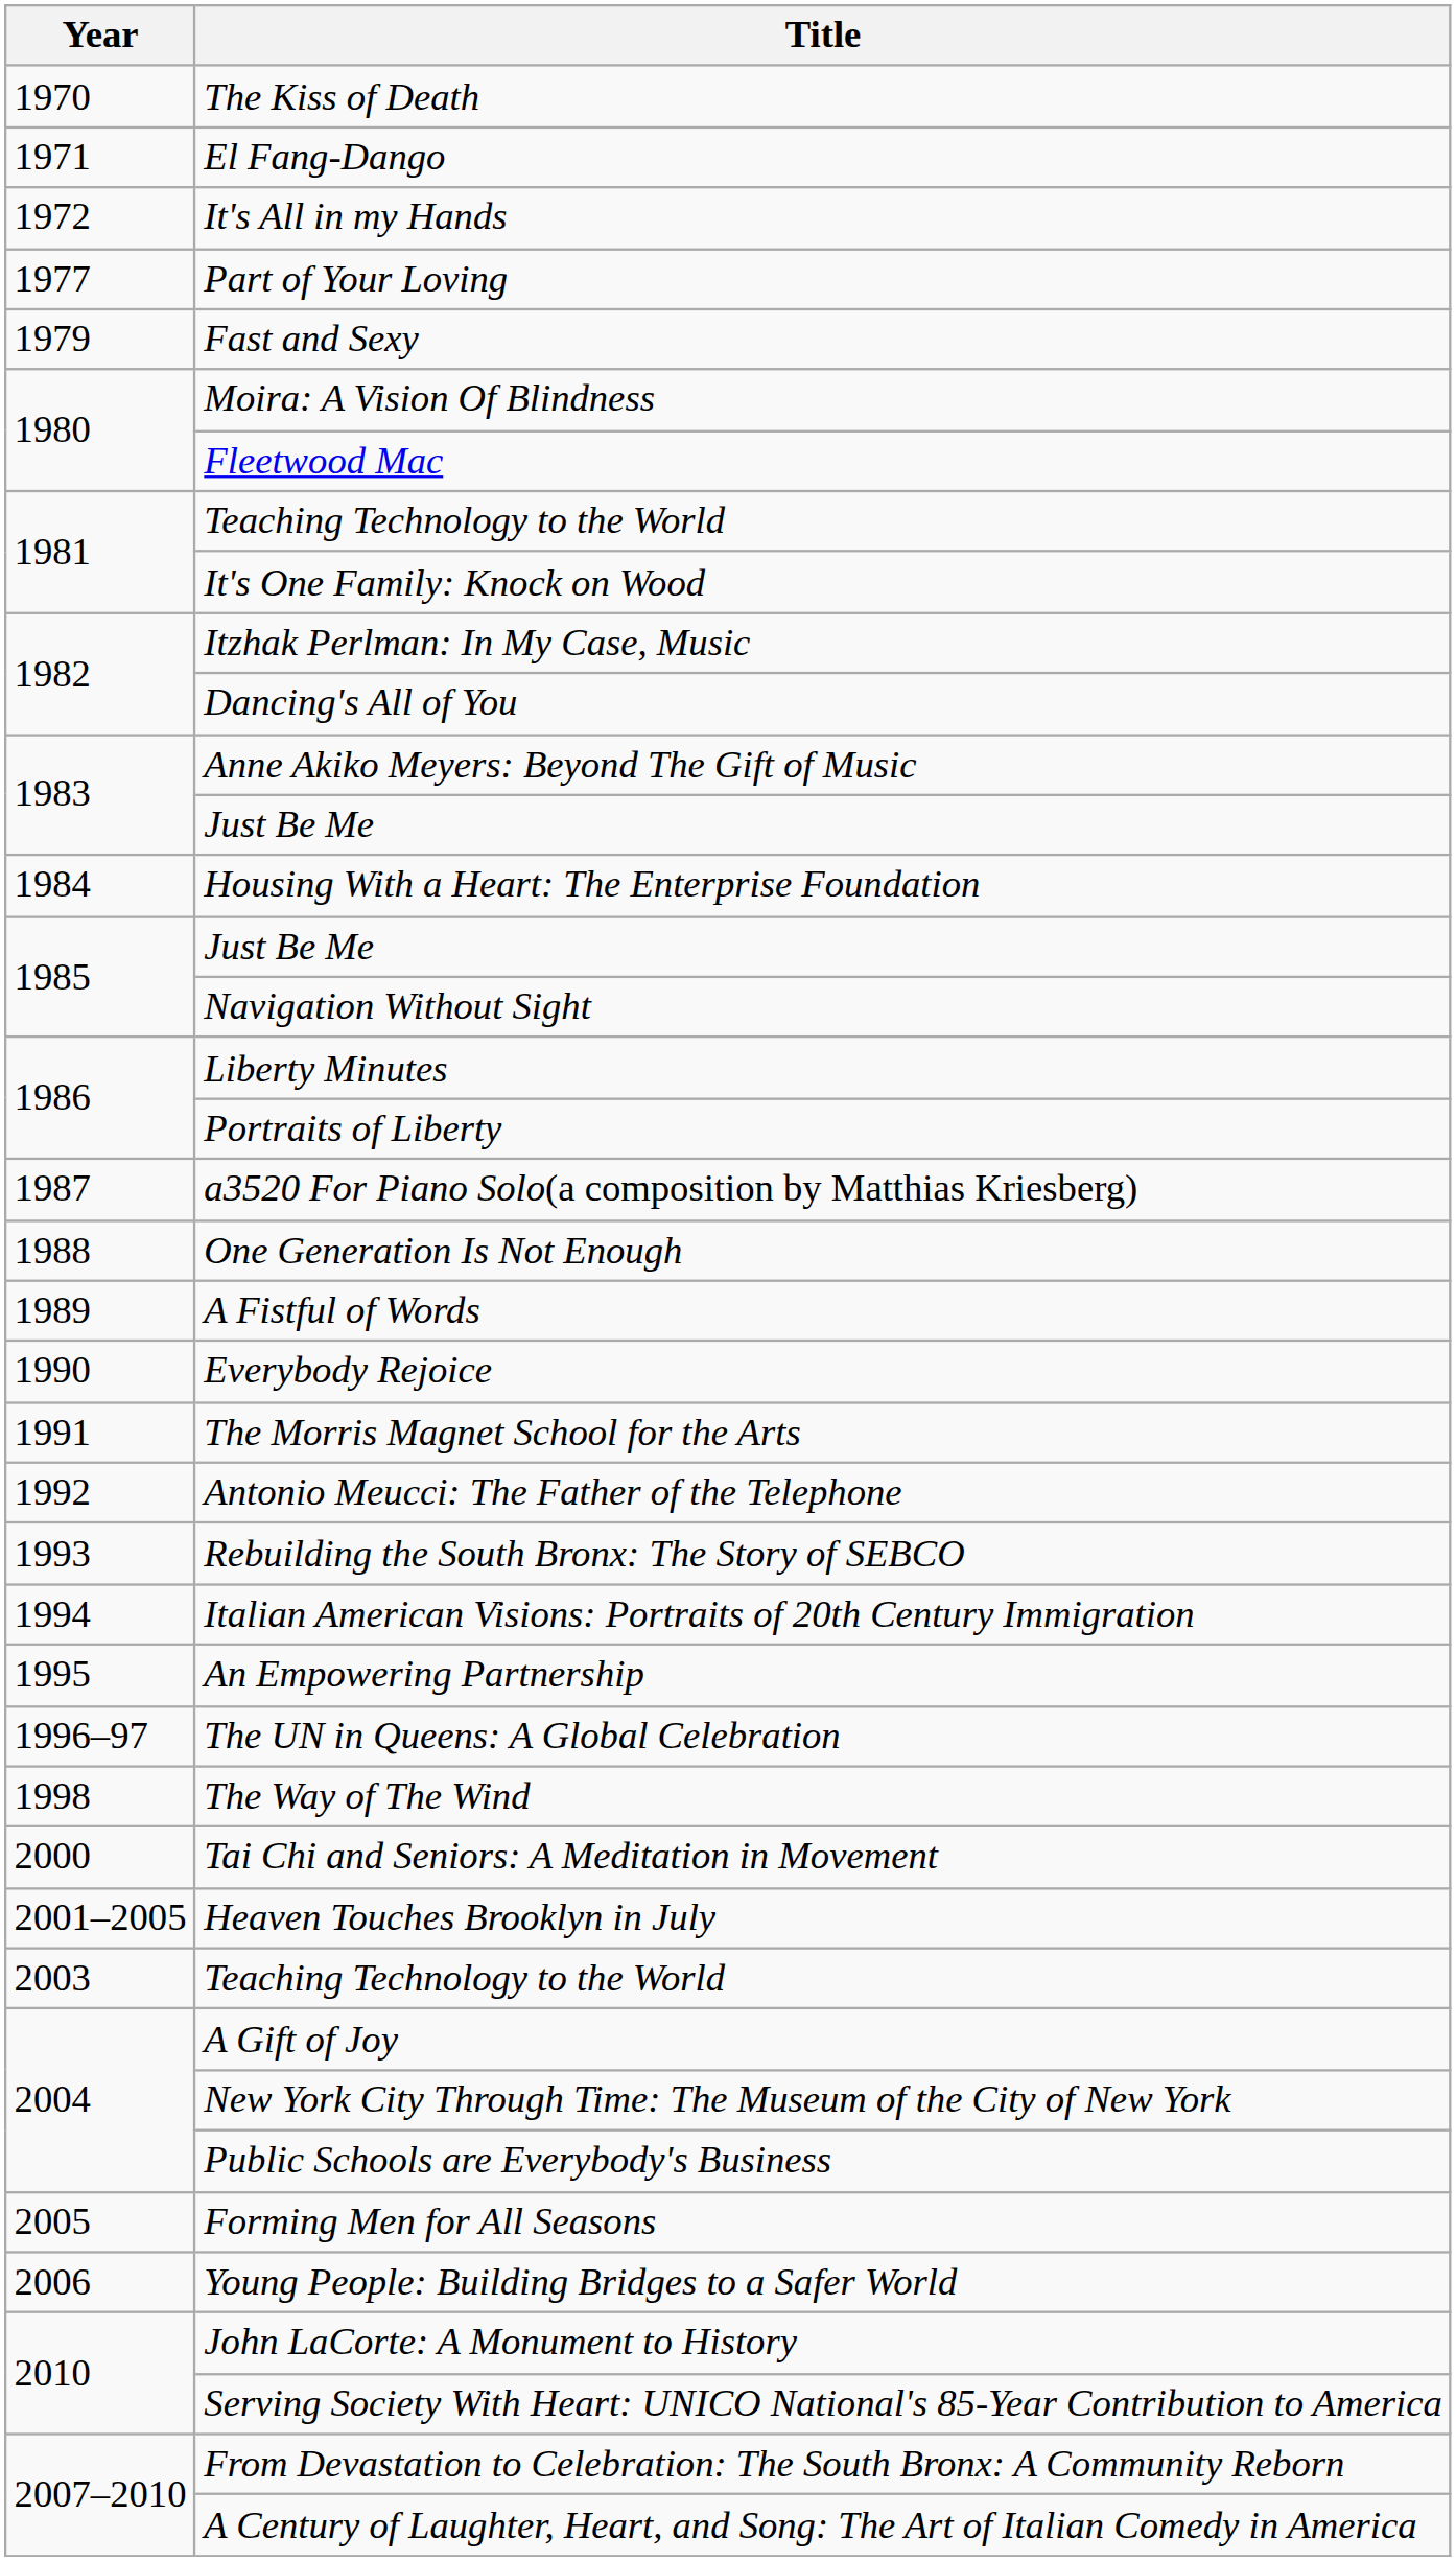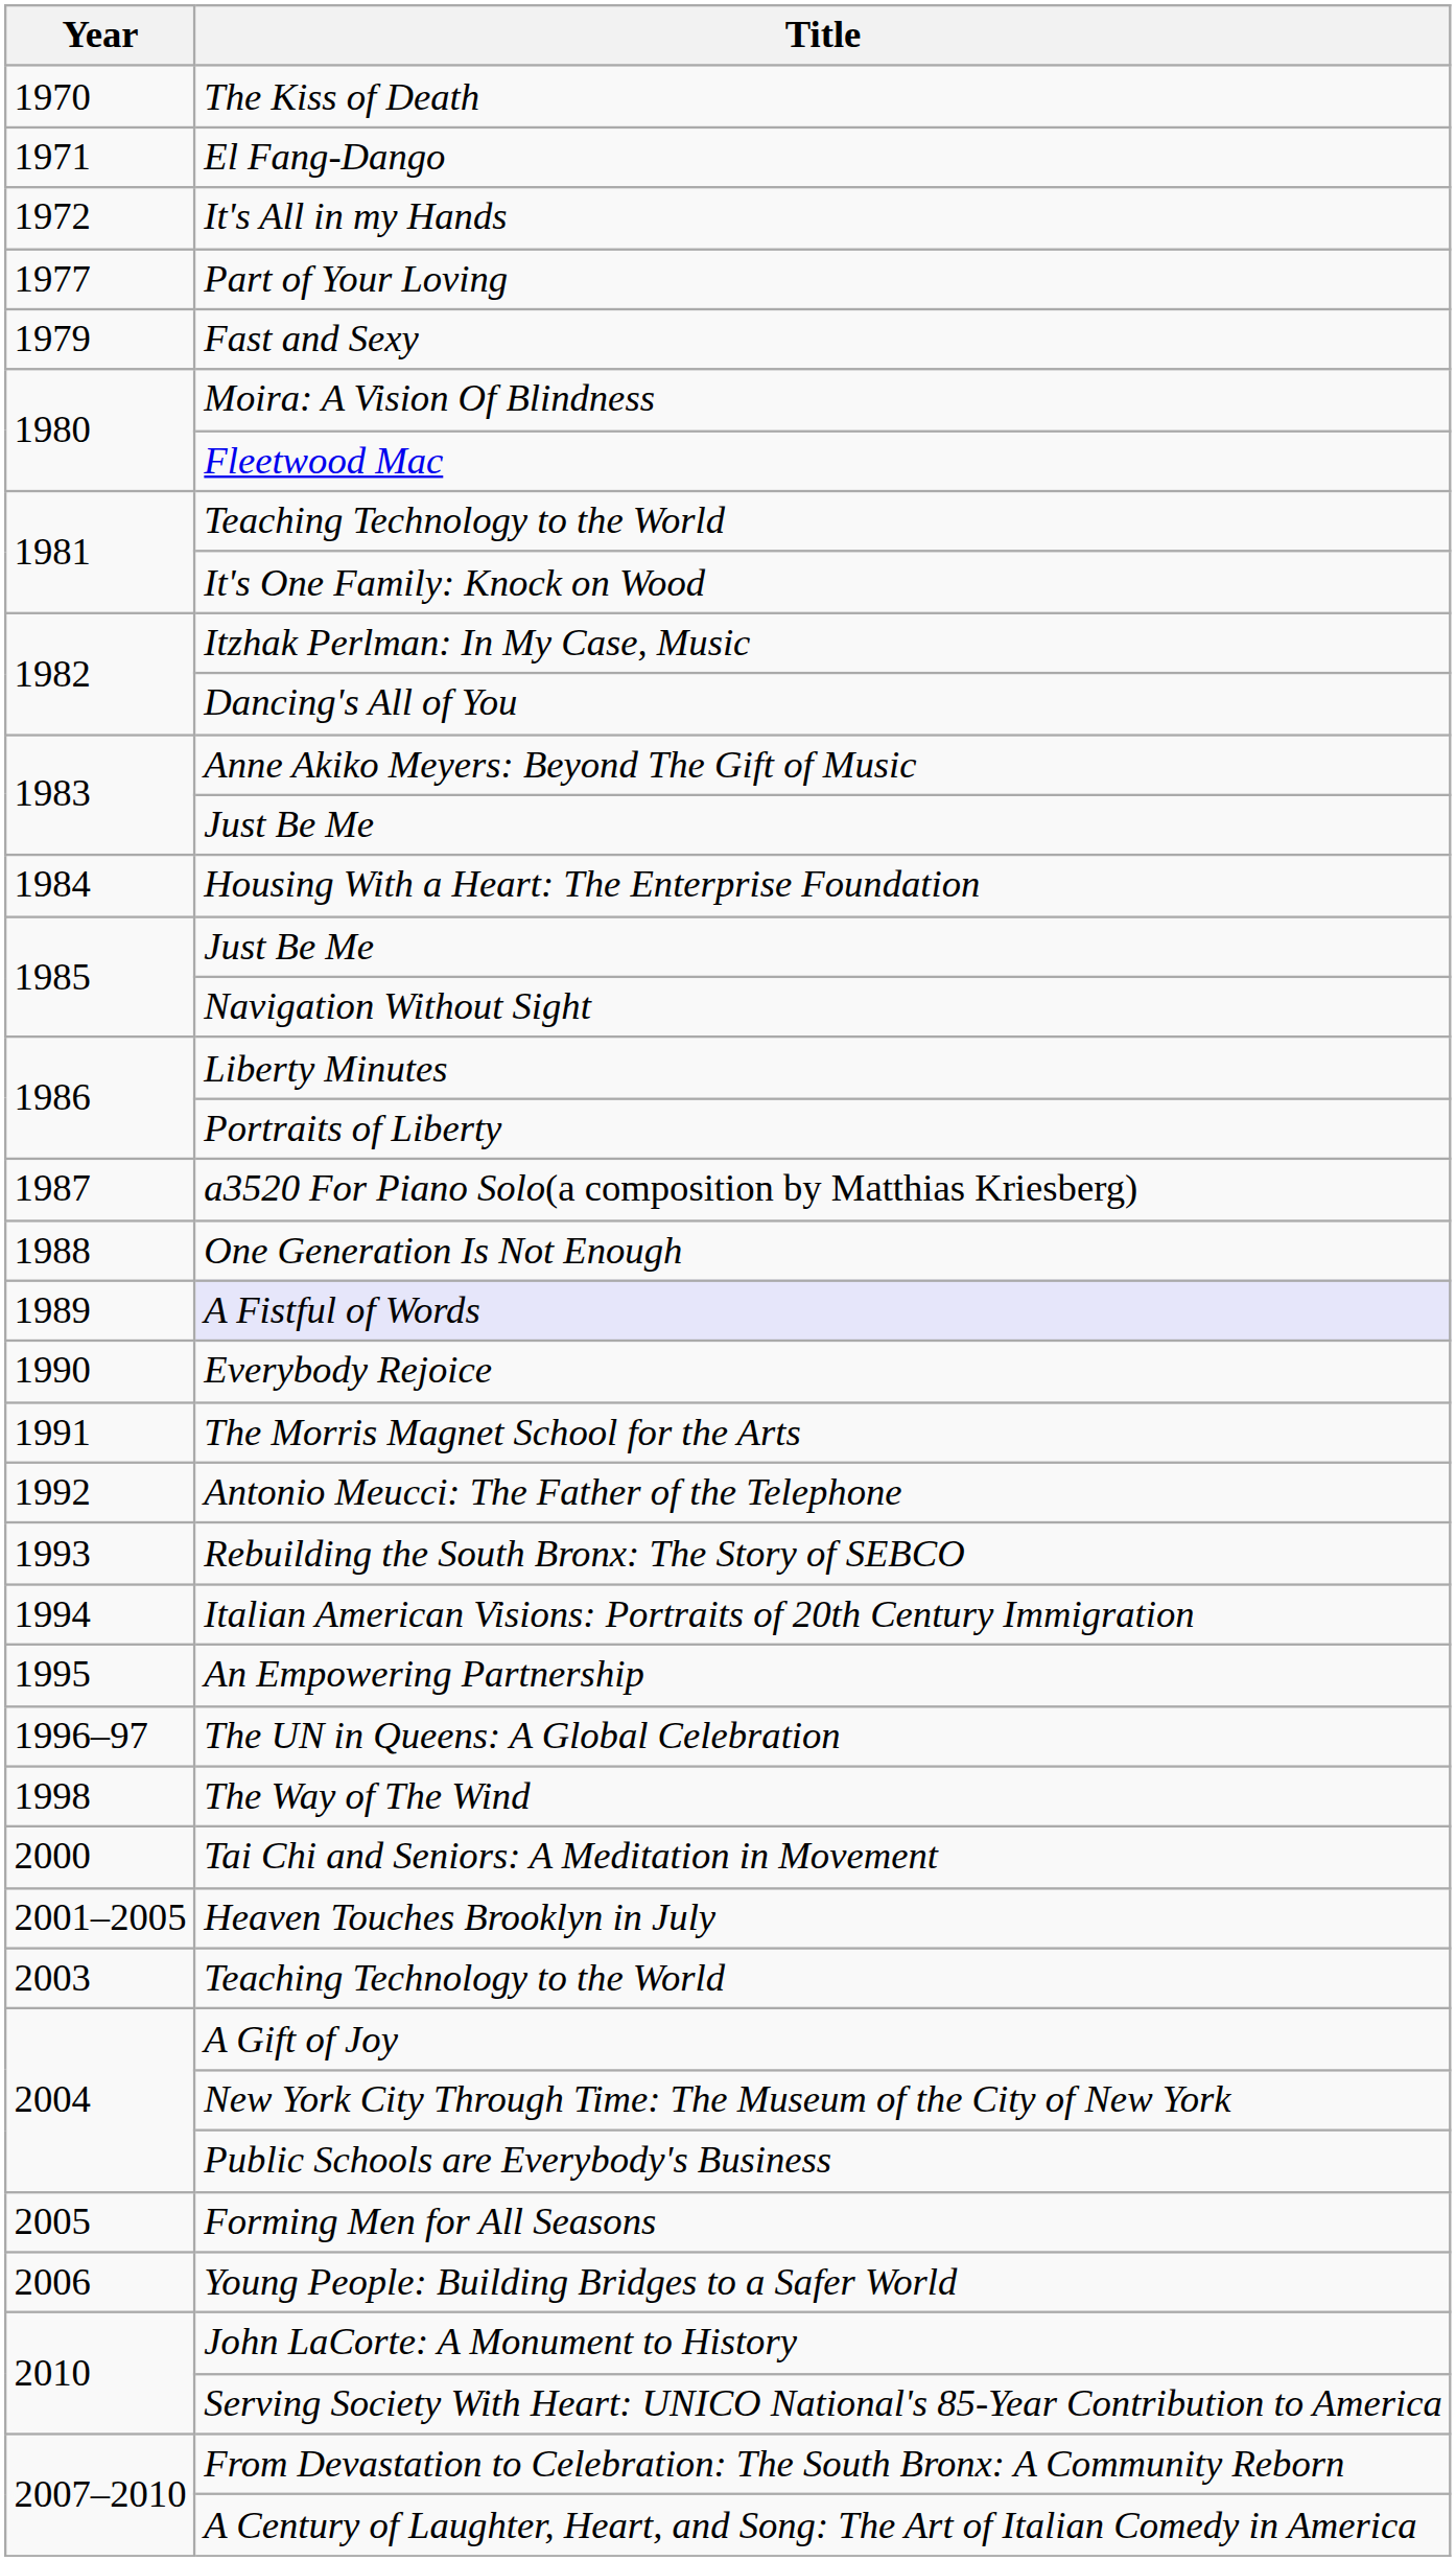 <table class="wikitable">
 <tr>
 <th>Year</th>
 <th>Title</th>
 </tr>
 <tr>
 <td>1970</td>
 <td><em>The Kiss of Death</em></td>
 </tr>
 <tr>
 <td>1971</td>
 <td><em>El Fang-Dango</em></td>
 </tr>
 <tr>
 <td>1972</td>
 <td><em>It's All in my Hands</em></td>
 </tr>
 <tr>
 <td>1977</td>
 <td><em>Part of Your Loving</em></td>
 </tr>
 <tr>
 <td>1979</td>
 <td><em>Fast and Sexy</em></td>
 </tr>
 <tr>
 <td rowspan=2>1980</td>
 <td><em>Moira: A Vision Of Blindness</em></td>
 </tr>
 <tr>
 <td><em><a href='#'>Fleetwood Mac</a></em></td>
 </tr>
 <tr>
 <td rowspan=2>1981</td>
 <td><em>Teaching Technology to the World</em></td>
 </tr>
 <tr>
 <td><em>It's One Family: Knock on Wood</em></td>
 </tr>
 <tr>
 <td rowspan=2>1982</td>
 <td><em>Itzhak Perlman: In My Case, Music</em></td>
 </tr>
 <tr>
 <td><em>Dancing's All of You</em></td>
 </tr>
 <tr>
 <td rowspan=2>1983</td>
 <td><em>Anne Akiko Meyers: Beyond The Gift of Music</em></td>
 </tr>
 <tr>
 <td><em>Just Be Me</em></td>
 </tr>
 <tr>
 <td>1984</td>
 <td><em>Housing With a Heart: The Enterprise Foundation</em></td>
 </tr>
 <tr>
 <td rowspan=2>1985</td>
 <td><em>Just Be Me</em></td>
 </tr>
 <tr>
 <td><em>Navigation Without Sight</em></td>
 </tr>
 <tr>
 <td rowspan=2>1986</td>
 <td><em>Liberty Minutes</em></td>
 </tr>
 <tr>
 <td><em>Portraits of Liberty</em></td>
 </tr>
 <tr>
 <td>1987</td>
 <td><em>a3520 For Piano Solo</em>(a composition by Matthias Kriesberg)</td>
 </tr>
 <tr>
 <td>1988</td>
 <td><em>One Generation Is Not Enough</em></td>
 </tr>
 <tr>
 <td>1989</td>
-<td><em>A Fistful of Words</em></td>
+<td style="background: lavender;"><em>A Fistful of Words</em></td>
 </tr>
 <tr>
 <td>1990</td>
 <td><em>Everybody Rejoice</em></td>
 </tr>
 <tr>
 <td>1991</td>
 <td><em>The Morris Magnet School for the Arts</em></td>
 </tr>
 <tr>
 <td>1992</td>
 <td><em>Antonio Meucci: The Father of the Telephone</em></td>
 </tr>
 <tr>
 <td>1993</td>
 <td><em>Rebuilding the South Bronx: The Story of SEBCO</em></td>
 </tr>
 <tr>
 <td>1994</td>
 <td><em>Italian American Visions: Portraits of 20th Century Immigration</em></td>
 </tr>
 <tr>
 <td>1995</td>
 <td><em>An Empowering Partnership</em></td>
 </tr>
 <tr>
 <td>1996–97</td>
 <td><em>The UN in Queens: A Global Celebration</em></td>
 </tr>
 <tr>
 <td>1998</td>
 <td><em>The Way of The Wind</em></td>
 </tr>
 <tr>
 <td>2000</td>
 <td><em>Tai Chi and Seniors: A Meditation in Movement</em></td>
 </tr>
 <tr>
 <td>2001–2005</td>
 <td><em>Heaven Touches Brooklyn in July</em></td>
 </tr>
 <tr>
 <td>2003</td>
 <td><em>Teaching Technology to the World</em></td>
 </tr>
 <tr>
 <td rowspan=3>2004</td>
 <td><em>A Gift of Joy</em></td>
 </tr>
 <tr>
 <td><em>New York City Through Time: The Museum of the City of New York</em></td>
 </tr>
 <tr>
 <td><em>Public Schools are Everybody's Business</em></td>
 </tr>
 <tr>
 <td>2005</td>
 <td><em>Forming Men for All Seasons</em></td>
 </tr>
 <tr>
 <td>2006</td>
 <td><em>Young People: Building Bridges to a Safer World</em></td>
 </tr>
 <tr>
 <td rowspan=2>2010</td>
 <td><em>John LaCorte: A Monument to History</em></td>
 </tr>
 <tr>
 <td><em>Serving Society With Heart: UNICO National's 85-Year Contribution to America</em></td>
 </tr>
 <tr>
 <td rowspan=2>2007–2010</td>
 <td><em>From Devastation to Celebration: The South Bronx: A Community Reborn</em></td>
 </tr>
 <tr>
 <td><em>A Century of Laughter, Heart, and Song: The Art of Italian Comedy in America</em></td>
 </tr>
 </table>
